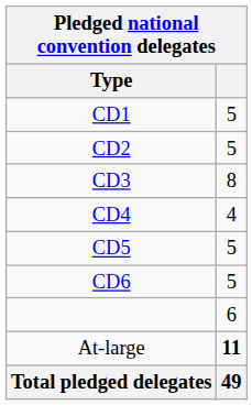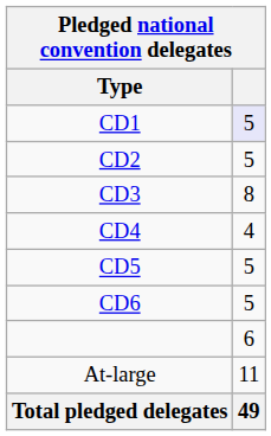 <table class="wikitable sortable" style="font-size:90%;text-align:center;float:right;padding:5px;">
 <tr>
 <th colspan="2">Pledged <a href='#'>national<br>convention</a> delegates</th>
 </tr>
 <tr>
 <th>Type</th>
 <th></th>
 </tr>
 <tr>
 <td><a href='#'>CD1</a></td>
-<td>5</td>
+<td style="background: lavender;">5</td>
 </tr>
 <tr>
 <td><a href='#'>CD2</a></td>
 <td>5</td>
 </tr>
 <tr>
 <td><a href='#'>CD3</a></td>
 <td>8</td>
 </tr>
 <tr>
 <td><a href='#'>CD4</a></td>
 <td>4</td>
 </tr>
 <tr>
 <td><a href='#'>CD5</a></td>
 <td>5</td>
 </tr>
 <tr>
 <td><a href='#'>CD6</a></td>
 <td>5</td>
 </tr>
 <tr>
 <td></td>
 <td>6</td>
 </tr>
 <tr>
 <td>At-large</td>
-<td><strong>11</strong></td>
+<td>11</td>
 </tr>
 <tr>
 <th>Total pledged delegates</th>
 <th>49</th>
 </tr>
 </table>
